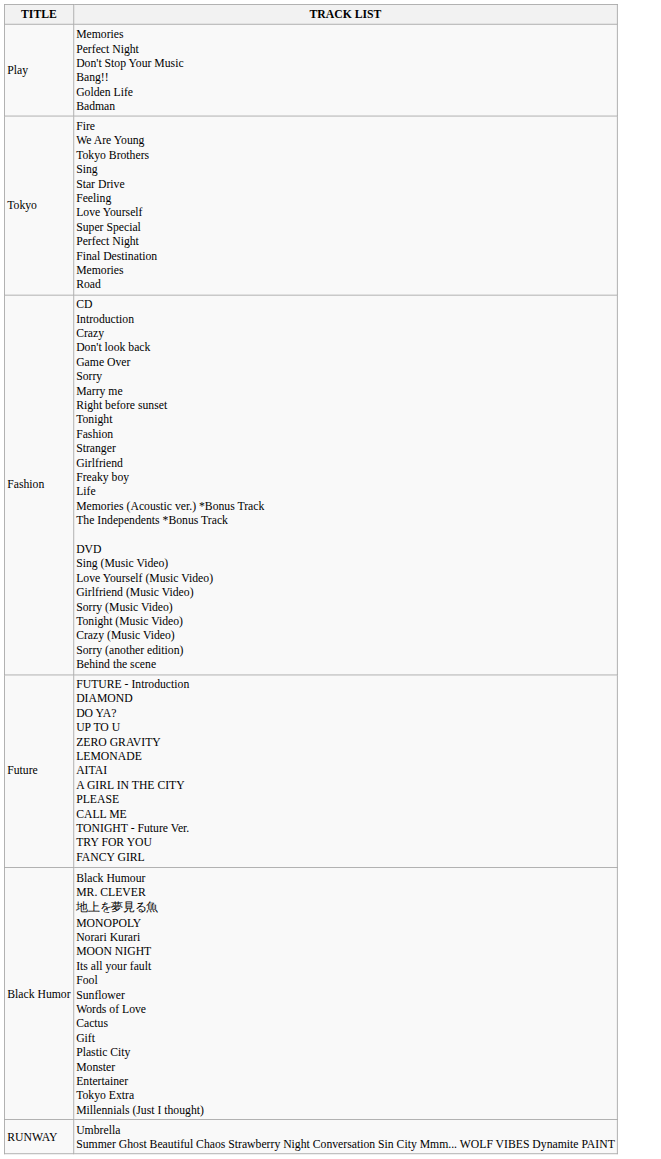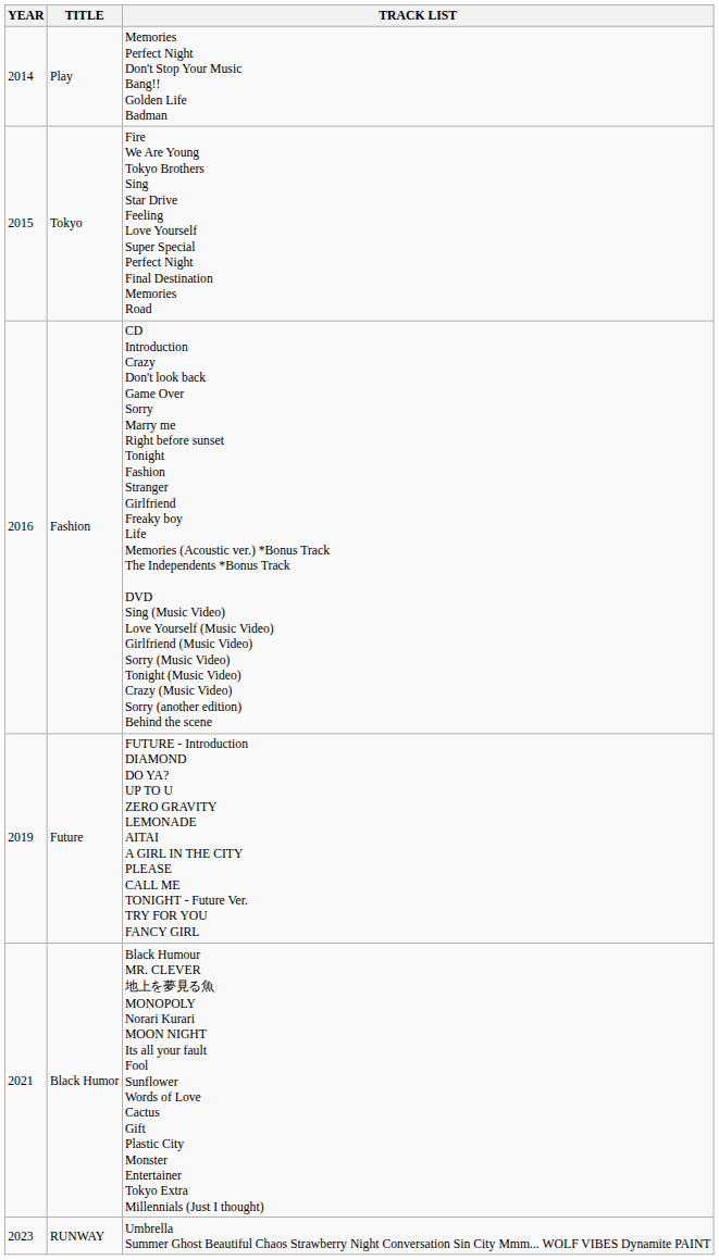 <table class="wikitable" style="font-size: small;">
 <tr>
+<th>YEAR</th>
 <th>TITLE</th>
 <th>TRACK LIST</th>
 </tr>
 <tr>
+<td>2014</td>
 <td>Play</td>
 <td>Memories<br>Perfect Night<br>Don't Stop Your Music<br>Bang!!<br>Golden Life<br>Badman</td>
 </tr>
 <tr>
+<td>2015</td>
 <td>Tokyo</td>
 <td>Fire<br>We Are Young<br>Tokyo Brothers<br>Sing<br>Star Drive<br>Feeling<br>Love Yourself<br>Super Special<br>Perfect Night<br>Final Destination<br>Memories<br>Road</td>
 </tr>
 <tr>
+<td>2016</td>
 <td>Fashion</td>
 <td>CD<br>Introduction<br>Crazy<br>Don't look back<br>Game Over<br>Sorry<br>Marry me<br>Right before sunset<br>Tonight<br>Fashion<br>Stranger<br>Girlfriend<br>Freaky boy<br>Life<br>Memories (Acoustic ver.) *Bonus Track<br>The Independents *Bonus Track<br><br>DVD<br>Sing (Music Video)<br>Love Yourself (Music Video)<br>Girlfriend (Music Video)<br>Sorry (Music Video)<br>Tonight (Music Video)<br>Crazy (Music Video)<br>Sorry (another edition)<br>Behind the scene</td>
 </tr>
 <tr>
+<td>2019</td>
 <td>Future</td>
 <td>FUTURE - Introduction <br> DIAMOND<br>DO YA?<br>UP TO U <br>ZERO GRAVITY <br>LEMONADE <br>AITAI <br>A GIRL IN THE CITY <br>PLEASE <br>CALL ME <br>TONIGHT - Future Ver. <br>TRY FOR YOU <br>FANCY GIRL</td>
 </tr>
 <tr>
+<td>2021</td>
 <td>Black Humor</td>
 <td>Black Humour <br>MR. CLEVER <br>地上を夢見る魚<br>MONOPOLY <br> Norari Kurari <br>MOON NIGHT <br>Its all your fault <br>Fool <br>Sunflower <br>Words of Love <br>Cactus <br>Gift <br>Plastic City <br>Monster <br>Entertainer <br>Tokyo Extra <br> Millennials (Just I thought)</td>
 </tr>
 <tr>
+<td>2023</td>
 <td>RUNWAY</td>
 <td>Umbrella<br>Summer Ghost Beautiful Chaos Strawberry Night Conversation Sin City Mmm... WOLF VIBES Dynamite PAINT</td>
 </tr>
 </table>
